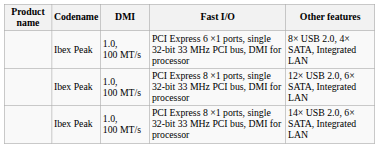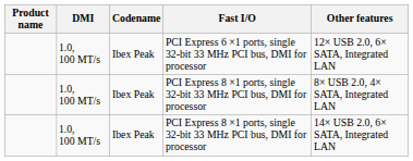 <table class="wikitable">
 <tr>
 <th>Product name</th>
+<th>DMI</th>
 <th>Codename</th>
-<th>DMI</th>
 <th>Fast I/O</th>
 <th>Other features</th>
 </tr>
 <tr>
 <td></td>
+<td>1.0, 100 MT/s</td>
 <td>Ibex Peak</td>
+<td>PCI Express 6 ×1 ports, single 32-bit 33 MHz PCI bus, DMI for processor</td>
+<td>12× USB 2.0, 6× SATA, Integrated LAN</td>
+</tr>
+<tr>
+<td></td>
 <td>1.0, 100 MT/s</td>
-<td>PCI Express 6 ×1 ports, single 32-bit 33 MHz PCI bus, DMI for processor</td>
+<td>Ibex Peak</td>
+<td>PCI Express 8 ×1 ports, single 32-bit 33 MHz PCI bus, DMI for processor</td>
 <td>8× USB 2.0, 4× SATA, Integrated LAN</td>
 </tr>
 <tr>
 <td></td>
+<td>1.0, 100 MT/s</td>
 <td>Ibex Peak</td>
-<td>1.0, 100 MT/s</td>
-<td>PCI Express 8 ×1 ports, single 32-bit 33 MHz PCI bus, DMI for processor</td>
-<td>12× USB 2.0, 6× SATA, Integrated LAN</td>
-</tr>
-<tr>
-<td></td>
-<td>Ibex Peak</td>
-<td>1.0, 100 MT/s</td>
 <td>PCI Express 8 ×1 ports, single 32-bit 33 MHz PCI bus, DMI for processor</td>
 <td>14× USB 2.0, 6× SATA, Integrated LAN</td>
 </tr>
 </table>
